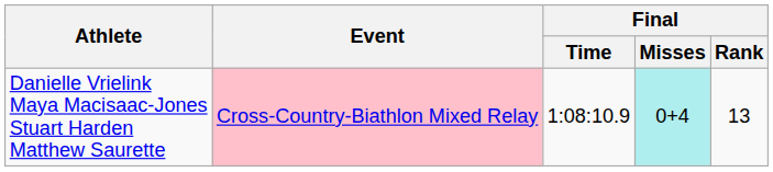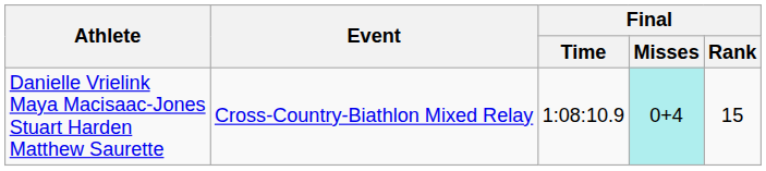 <table class="wikitable">
 <tr>
 <th rowspan=2>Athlete</th>
 <th rowspan=2>Event</th>
 <th colspan=3>Final</th>
 </tr>
 <tr>
 <th>Time</th>
 <th>Misses</th>
 <th>Rank</th>
 </tr>
 <tr>
 <td><a href='#'>Danielle Vrielink</a><br><a href='#'>Maya Macisaac-Jones</a><br><a href='#'>Stuart Harden</a><br><a href='#'>Matthew Saurette</a></td>
-<td style="background: pink;"><a href='#'>Cross-Country-Biathlon Mixed Relay</a></td>
+<td><a href='#'>Cross-Country-Biathlon Mixed Relay</a></td>
 <td align="center">1:08:10.9</td>
 <td align="center" style="background: paleturquoise;">0+4</td>
-<td align="center">13</td>
+<td align="center">15</td>
 </tr>
 </table>
